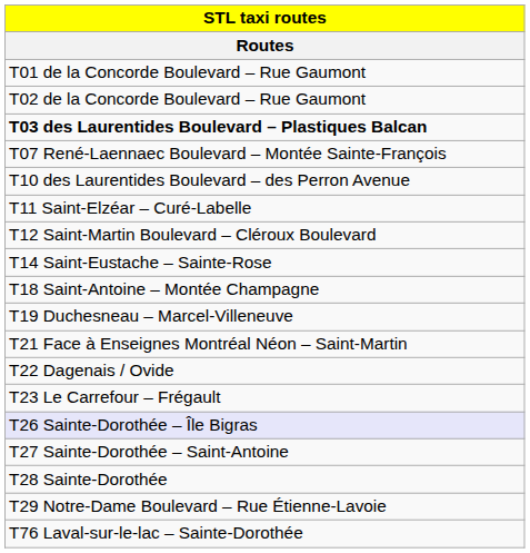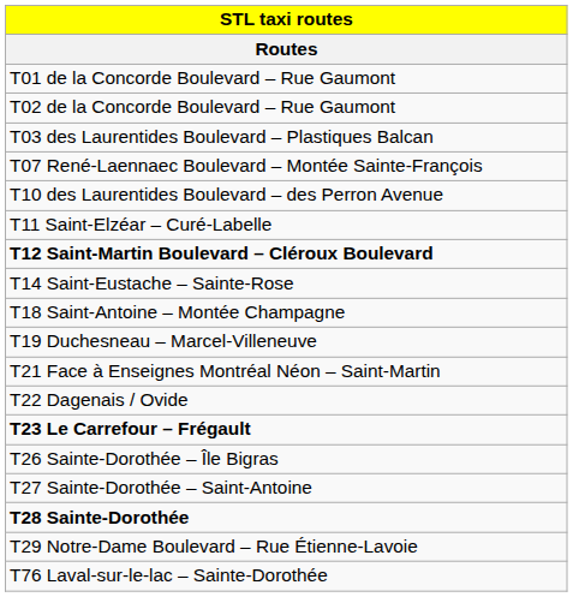 <table class="wikitable collapsible collapsed">
 <tr>
 <th style="background:#FFFF00">STL taxi routes </th>
 </tr>
 <tr>
 <th style="width: 30em">Routes</th>
 </tr>
 <tr>
 <td>T01 de la Concorde Boulevard – Rue Gaumont</td>
 </tr>
 <tr>
 <td>T02 de la Concorde Boulevard – Rue Gaumont</td>
 </tr>
 <tr>
-<td><strong>T03 des Laurentides Boulevard – Plastiques Balcan</strong></td>
+<td>T03 des Laurentides Boulevard – Plastiques Balcan</td>
 </tr>
 <tr>
 <td>T07 René-Laennaec Boulevard – Montée Sainte-François</td>
 </tr>
 <tr>
 <td>T10 des Laurentides Boulevard – des Perron Avenue</td>
 </tr>
 <tr>
 <td>T11 Saint-Elzéar – Curé-Labelle</td>
 </tr>
 <tr>
-<td>T12 Saint-Martin Boulevard – Cléroux Boulevard</td>
+<td><strong>T12 Saint-Martin Boulevard – Cléroux Boulevard</strong></td>
 </tr>
 <tr>
 <td>T14 Saint-Eustache – Sainte-Rose</td>
 </tr>
 <tr>
 <td>T18 Saint-Antoine – Montée Champagne</td>
 </tr>
 <tr>
 <td>T19 Duchesneau – Marcel-Villeneuve</td>
 </tr>
 <tr>
 <td>T21 Face à Enseignes Montréal Néon – Saint-Martin</td>
 </tr>
 <tr>
 <td>T22 Dagenais / Ovide</td>
 </tr>
 <tr>
-<td>T23 Le Carrefour – Frégault</td>
+<td><strong>T23 Le Carrefour – Frégault</strong></td>
 </tr>
 <tr>
-<td style="background: lavender;">T26 Sainte-Dorothée – Île Bigras</td>
+<td>T26 Sainte-Dorothée – Île Bigras</td>
 </tr>
 <tr>
 <td>T27 Sainte-Dorothée – Saint-Antoine</td>
 </tr>
 <tr>
-<td>T28 Sainte-Dorothée</td>
+<td><strong>T28 Sainte-Dorothée</strong></td>
 </tr>
 <tr>
 <td>T29 Notre-Dame Boulevard – Rue Étienne-Lavoie</td>
 </tr>
 <tr>
 <td>T76 Laval-sur-le-lac – Sainte-Dorothée</td>
 </tr>
 </table>
